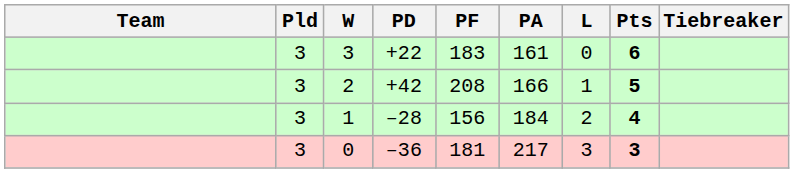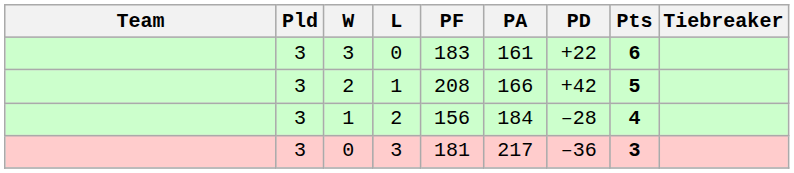 <table class="wikitable" style="text-align:center;">
 <tr>
 <th width=170>Team</th>
 <th width=25>Pld</th>
 <th width=25>W</th>
-<th width=35>PD</th>
+<th width=25>L</th>
 <th width=35>PF</th>
 <th width=35>PA</th>
-<th width=25>L</th>
+<th width=35>PD</th>
 <th width=25>Pts</th>
 <th width=50>Tiebreaker</th>
 </tr>
 <tr bgcolor=ccffcc>
 <td align="left"></td>
 <td>3</td>
 <td>3</td>
-<td>+22</td>
+<td>0</td>
 <td>183</td>
 <td>161</td>
-<td>0</td>
+<td>+22</td>
 <td><strong>6</strong></td>
 <td></td>
 </tr>
 <tr bgcolor=ccffcc>
 <td align="left"></td>
 <td>3</td>
 <td>2</td>
-<td>+42</td>
+<td>1</td>
 <td>208</td>
 <td>166</td>
-<td>1</td>
+<td>+42</td>
 <td><strong>5</strong></td>
 <td></td>
 </tr>
 <tr bgcolor=ccffcc>
 <td align="left"></td>
 <td>3</td>
 <td>1</td>
-<td>–28</td>
+<td>2</td>
 <td>156</td>
 <td>184</td>
-<td>2</td>
+<td>–28</td>
 <td><strong>4</strong></td>
 <td></td>
 </tr>
 <tr bgcolor=ffcccc>
 <td align="left"></td>
 <td>3</td>
 <td>0</td>
-<td>–36</td>
+<td>3</td>
 <td>181</td>
 <td>217</td>
-<td>3</td>
+<td>–36</td>
 <td><strong>3</strong></td>
 <td></td>
 </tr>
 </table>
